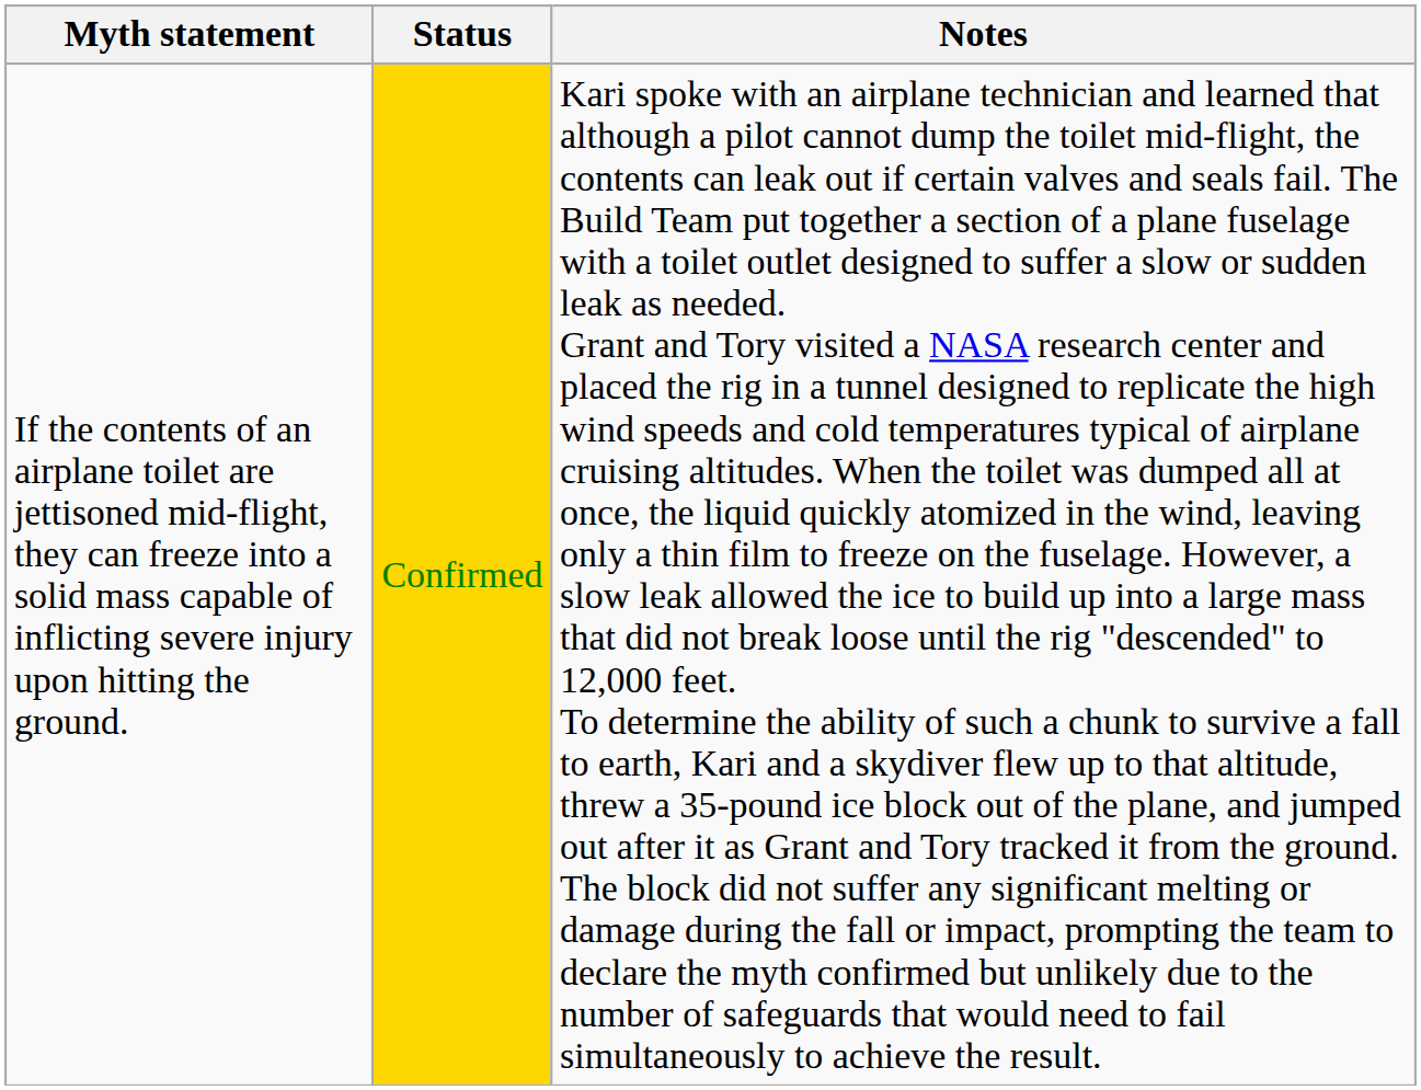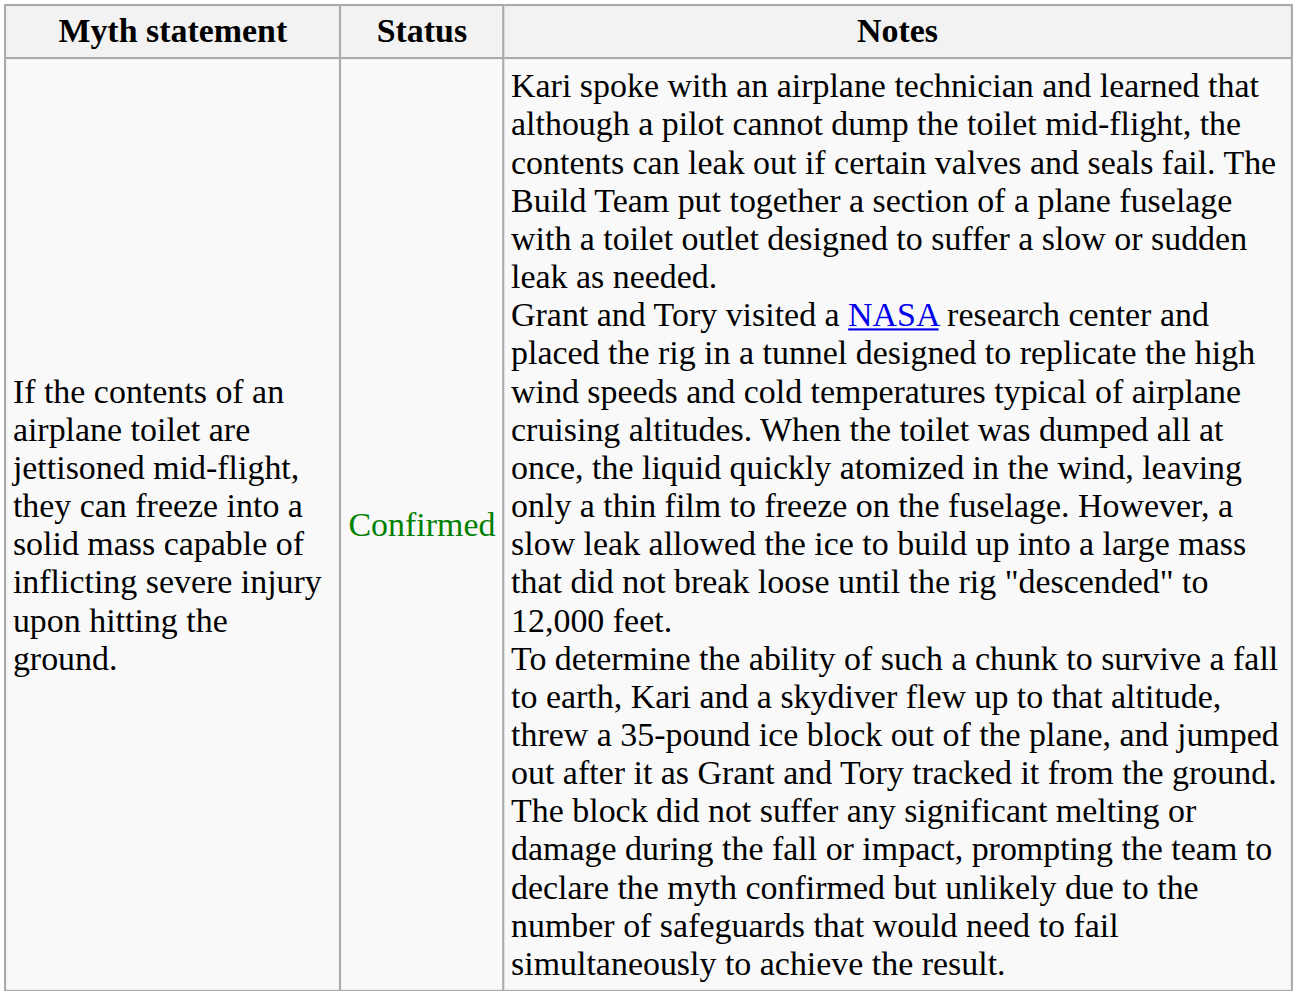 <table class="wikitable plainrowheaders">
 <tr>
 <th>Myth statement</th>
 <th>Status</th>
 <th>Notes</th>
 </tr>
 <tr>
 <td>If the contents of an airplane toilet are jettisoned mid-flight, they can freeze into a solid mass capable of inflicting severe injury upon hitting the ground.</td>
-<td style="background: gold; color:green">Confirmed</td>
+<td style="color:green">Confirmed</td>
 <td>Kari spoke with an airplane technician and learned that although a pilot cannot dump the toilet mid-flight, the contents can leak out if certain valves and seals fail. The Build Team put together a section of a plane fuselage with a toilet outlet designed to suffer a slow or sudden leak as needed.<br>Grant and Tory visited a <a href='#'>NASA</a> research center and placed the rig in a tunnel designed to replicate the high wind speeds and cold temperatures typical of airplane cruising altitudes. When the toilet was dumped all at once, the liquid quickly atomized in the wind, leaving only a thin film to freeze on the fuselage. However, a slow leak allowed the ice to build up into a large mass that did not break loose until the rig "descended" to 12,000 feet.<br>To determine the ability of such a chunk to survive a fall to earth, Kari and a skydiver flew up to that altitude, threw a 35-pound ice block out of the plane, and jumped out after it as Grant and Tory tracked it from the ground. The block did not suffer any significant melting or damage during the fall or impact, prompting the team to declare the myth confirmed but unlikely due to the number of safeguards that would need to fail simultaneously to achieve the result.</td>
 </tr>
 </table>
